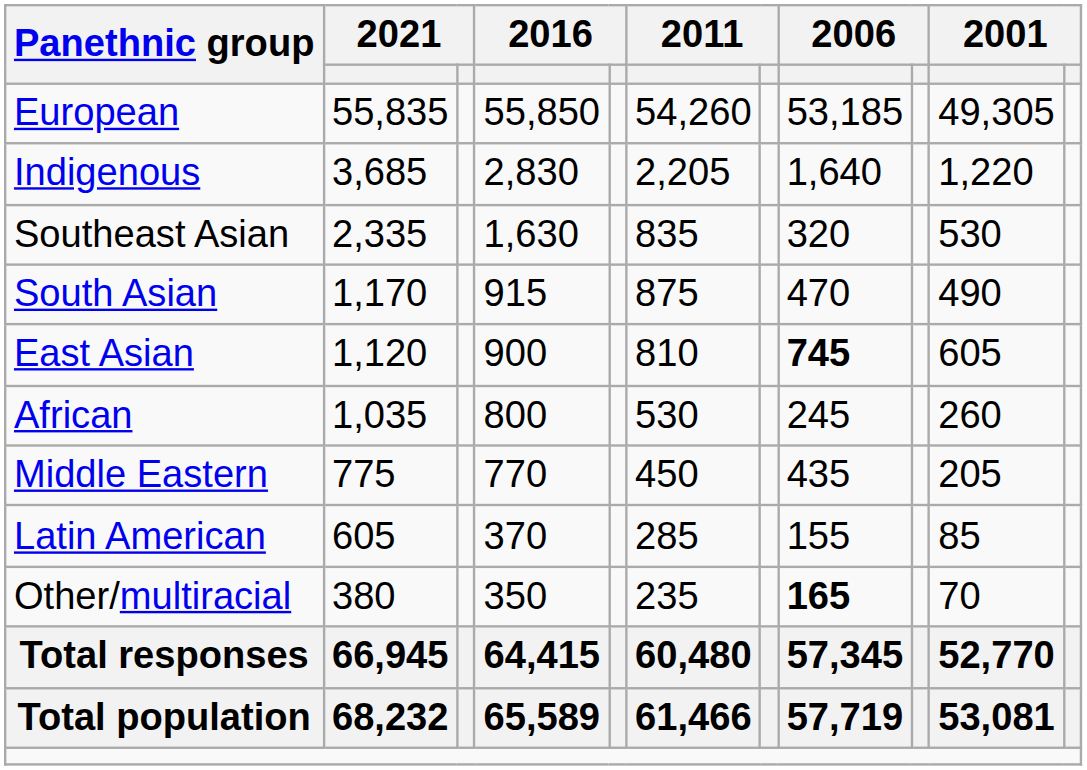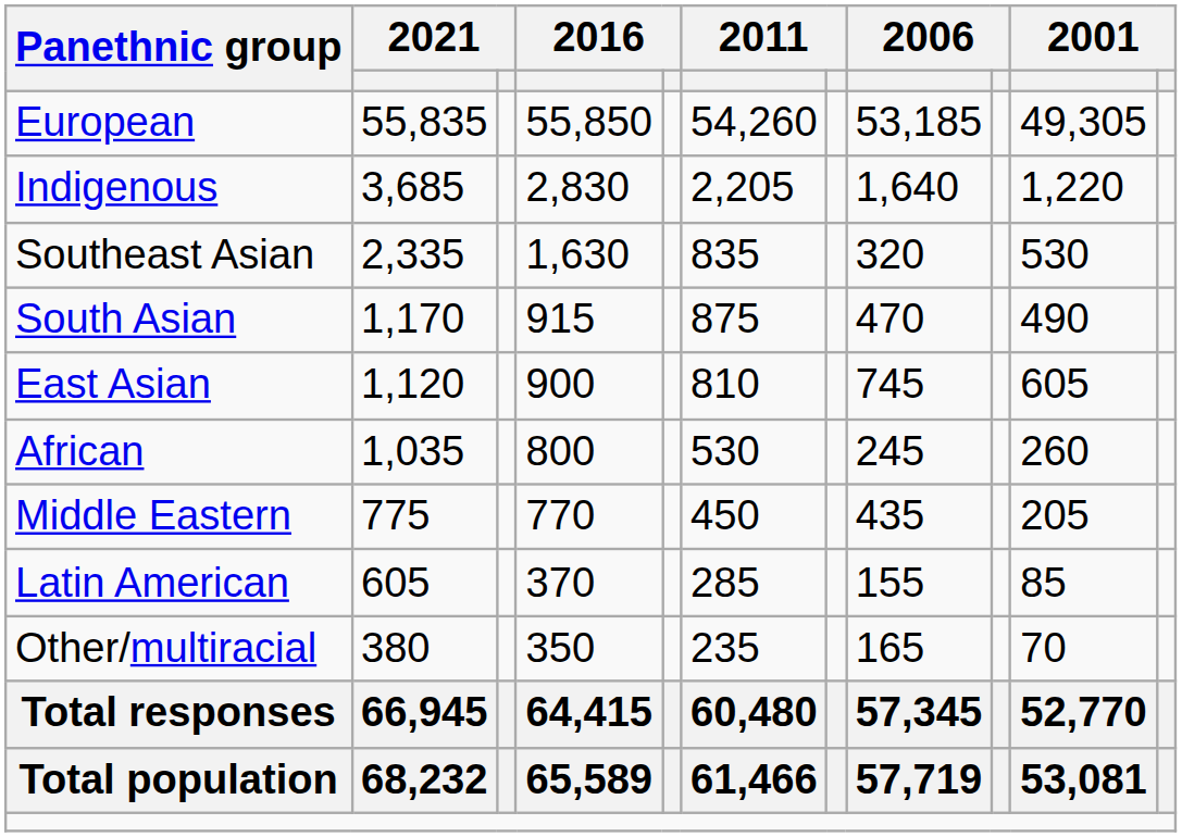 <table class="wikitable collapsible sortable">
 <tr>
 <th rowspan="2"><a href='#'>Panethnic</a> group</th>
 <th colspan="2">2021</th>
 <th colspan="2">2016</th>
 <th colspan="2">2011</th>
 <th colspan="2">2006</th>
 <th colspan="2">2001</th>
 </tr>
 <tr>
 <th><a href='#'></a></th>
 <th></th>
 <th></th>
 <th></th>
 <th></th>
 <th></th>
 <th></th>
 <th></th>
 <th></th>
 <th></th>
 </tr>
 <tr>
 <td><a href='#'>European</a></td>
 <td>55,835</td>
 <td></td>
 <td>55,850</td>
 <td></td>
 <td>54,260</td>
 <td></td>
 <td>53,185</td>
 <td></td>
 <td>49,305</td>
 <td></td>
 </tr>
 <tr>
 <td><a href='#'>Indigenous</a></td>
 <td>3,685</td>
 <td></td>
 <td>2,830</td>
 <td></td>
 <td>2,205</td>
 <td></td>
 <td>1,640</td>
 <td></td>
 <td>1,220</td>
 <td></td>
 </tr>
 <tr>
 <td>Southeast Asian</td>
 <td>2,335</td>
 <td></td>
 <td>1,630</td>
 <td></td>
 <td>835</td>
 <td></td>
 <td>320</td>
 <td></td>
 <td>530</td>
 <td></td>
 </tr>
 <tr>
 <td><a href='#'>South Asian</a></td>
 <td>1,170</td>
 <td></td>
 <td>915</td>
 <td></td>
 <td>875</td>
 <td></td>
 <td>470</td>
 <td></td>
 <td>490</td>
 <td></td>
 </tr>
 <tr>
 <td><a href='#'>East Asian</a></td>
 <td>1,120</td>
 <td></td>
 <td>900</td>
 <td></td>
 <td>810</td>
 <td></td>
-<td><strong>745</strong></td>
+<td>745</td>
 <td></td>
 <td>605</td>
 <td></td>
 </tr>
 <tr>
 <td><a href='#'>African</a></td>
 <td>1,035</td>
 <td></td>
 <td>800</td>
 <td></td>
 <td>530</td>
 <td></td>
 <td>245</td>
 <td></td>
 <td>260</td>
 <td></td>
 </tr>
 <tr>
 <td><a href='#'>Middle Eastern</a></td>
 <td>775</td>
 <td></td>
 <td>770</td>
 <td></td>
 <td>450</td>
 <td></td>
 <td>435</td>
 <td></td>
 <td>205</td>
 <td></td>
 </tr>
 <tr>
 <td><a href='#'>Latin American</a></td>
 <td>605</td>
 <td></td>
 <td>370</td>
 <td></td>
 <td>285</td>
 <td></td>
 <td>155</td>
 <td></td>
 <td>85</td>
 <td></td>
 </tr>
 <tr>
 <td>Other/<a href='#'>multiracial</a></td>
 <td>380</td>
 <td></td>
 <td>350</td>
 <td></td>
 <td>235</td>
 <td></td>
-<td><strong>165</strong></td>
+<td>165</td>
 <td></td>
 <td>70</td>
 <td></td>
 </tr>
 <tr>
 <th>Total responses</th>
 <th>66,945</th>
 <th></th>
 <th>64,415</th>
 <th></th>
 <th>60,480</th>
 <th></th>
 <th>57,345</th>
 <th></th>
 <th>52,770</th>
 <th></th>
 </tr>
 <tr class="sortbottom">
 <th>Total population</th>
 <th>68,232</th>
 <th></th>
 <th>65,589</th>
 <th></th>
 <th>61,466</th>
 <th></th>
 <th>57,719</th>
 <th></th>
 <th>53,081</th>
 <th></th>
 </tr>
 <tr class="sortbottom">
 <td colspan="11"></td>
 </tr>
 </table>
